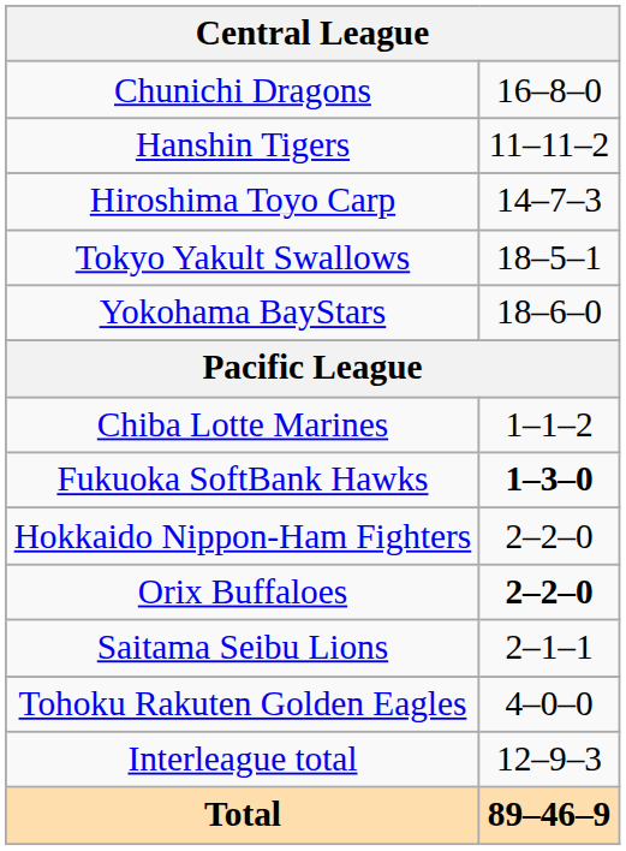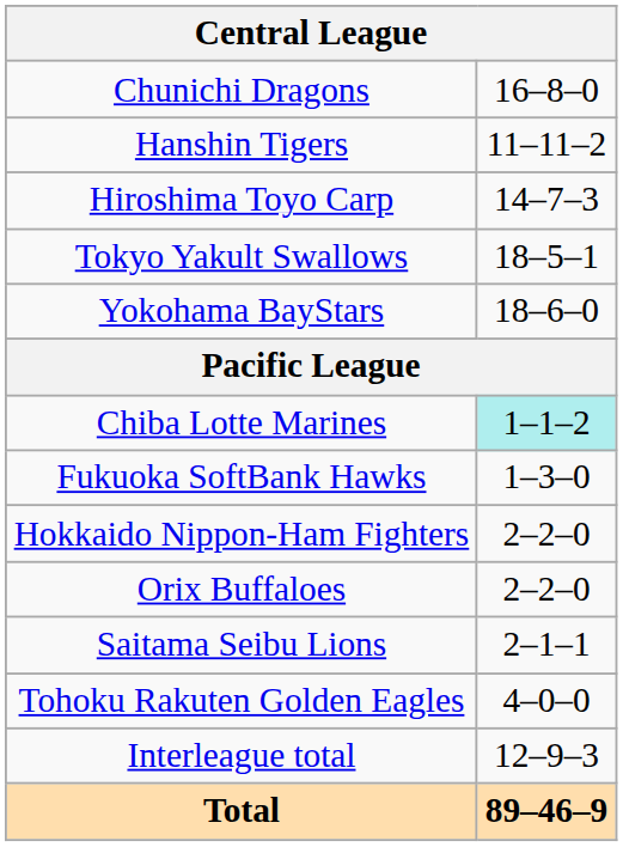 <table class="wikitable">
 <tr style="background-color: #f2f2f2; text-align: center;">
 <td colspan=2><strong>Central League</strong></td>
 </tr>
 <tr style="text-align:center">
 <td><a href='#'>Chunichi Dragons</a></td>
 <td>16–8–0</td>
 </tr>
 <tr style="text-align:center">
 <td><a href='#'>Hanshin Tigers</a></td>
 <td>11–11–2</td>
 </tr>
 <tr style="text-align:center">
 <td><a href='#'>Hiroshima Toyo Carp</a></td>
 <td>14–7–3</td>
 </tr>
 <tr style="text-align:center">
 <td><a href='#'>Tokyo Yakult Swallows</a></td>
 <td>18–5–1</td>
 </tr>
 <tr style="text-align:center">
 <td><a href='#'>Yokohama BayStars</a></td>
 <td>18–6–0</td>
 </tr>
 <tr style="background-color: #f2f2f2; text-align: center;">
 <td colspan=2><strong>Pacific League</strong></td>
 </tr>
 <tr style="text-align:center">
 <td><a href='#'>Chiba Lotte Marines</a></td>
-<td>1–1–2</td>
+<td style="background: paleturquoise;">1–1–2</td>
 </tr>
 <tr style="text-align:center">
 <td><a href='#'>Fukuoka SoftBank Hawks</a></td>
-<td><strong>1–3–0</strong></td>
+<td>1–3–0</td>
 </tr>
 <tr style="text-align:center">
 <td><a href='#'>Hokkaido Nippon-Ham Fighters</a></td>
 <td>2–2–0</td>
 </tr>
 <tr style="text-align:center">
 <td><a href='#'>Orix Buffaloes</a></td>
-<td><strong>2–2–0</strong></td>
+<td>2–2–0</td>
 </tr>
 <tr style="text-align:center">
 <td><a href='#'>Saitama Seibu Lions</a></td>
 <td>2–1–1</td>
 </tr>
 <tr style="text-align:center">
 <td><a href='#'>Tohoku Rakuten Golden Eagles</a></td>
 <td>4–0–0</td>
 </tr>
 <tr style="text-align:center">
 <td><a href='#'>Interleague total</a></td>
 <td>12–9–3</td>
 </tr>
 <tr style="background-color: #ffdead; text-align: center;">
 <td><strong>Total</strong></td>
 <td><strong>89–46–9</strong></td>
 </tr>
 </table>
